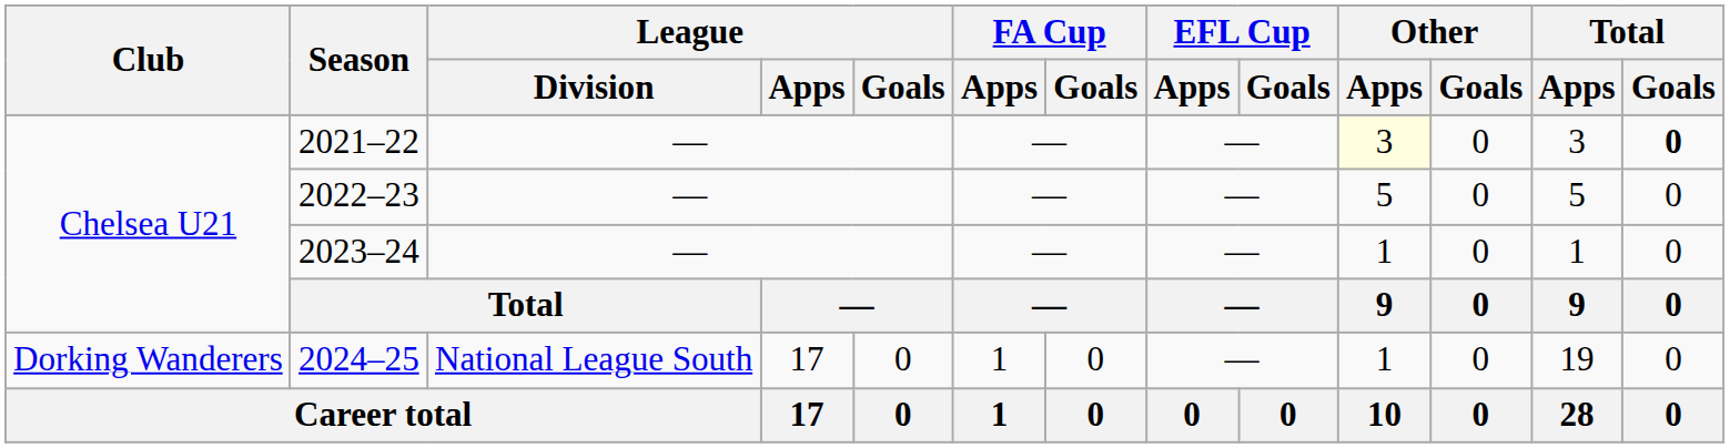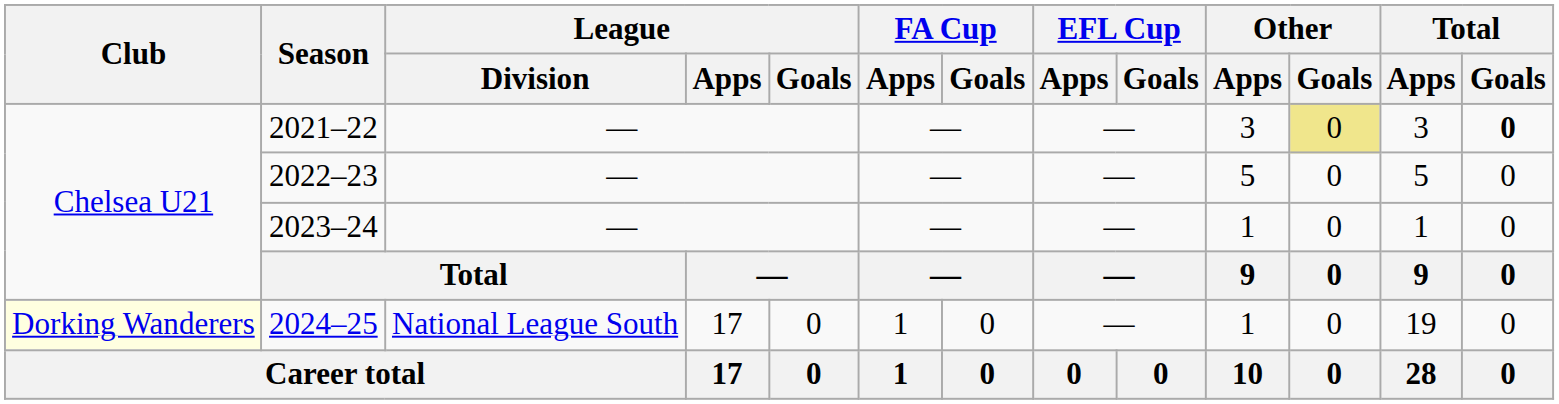 <table class="wikitable" style="text-align: center;">
 <tr>
 <th rowspan=2>Club</th>
 <th rowspan=2>Season</th>
 <th colspan=3>League</th>
 <th colspan=2><a href='#'>FA Cup</a></th>
 <th colspan=2><a href='#'>EFL Cup</a></th>
 <th colspan=2>Other</th>
 <th colspan=2>Total</th>
 </tr>
 <tr>
 <th>Division</th>
 <th>Apps</th>
 <th>Goals</th>
 <th>Apps</th>
 <th>Goals</th>
 <th>Apps</th>
 <th>Goals</th>
 <th>Apps</th>
 <th>Goals</th>
 <th>Apps</th>
 <th>Goals</th>
 </tr>
 <tr>
 <td rowspan=4><a href='#'>Chelsea U21</a></td>
 <td>2021–22</td>
 <td colspan=3>—</td>
 <td colspan=2>—</td>
 <td colspan=2>—</td>
-<td style="background: lightyellow;">3</td>
-<td>0</td>
+<td>3</td>
+<td style="background: khaki;">0</td>
 <td>3</td>
 <td><strong>0</strong></td>
 </tr>
 <tr>
 <td>2022–23</td>
 <td colspan=3>—</td>
 <td colspan=2>—</td>
 <td colspan=2>—</td>
 <td>5</td>
 <td>0</td>
 <td>5</td>
 <td>0</td>
 </tr>
 <tr>
 <td>2023–24</td>
 <td colspan=3>—</td>
 <td colspan=2>—</td>
 <td colspan=2>—</td>
 <td>1</td>
 <td>0</td>
 <td>1</td>
 <td>0</td>
 </tr>
 <tr>
 <th colspan="2">Total</th>
 <th colspan=2>—</th>
 <th colspan=2>—</th>
 <th colspan=2>—</th>
 <th>9</th>
 <th>0</th>
 <th>9</th>
 <th>0</th>
 </tr>
 <tr>
-<td><a href='#'>Dorking Wanderers</a></td>
+<td style="background: lightyellow;"><a href='#'>Dorking Wanderers</a></td>
 <td><a href='#'>2024–25</a></td>
 <td><a href='#'>National League South</a></td>
 <td>17</td>
 <td>0</td>
 <td>1</td>
 <td>0</td>
 <td colspan=2>—</td>
 <td>1</td>
 <td>0</td>
 <td>19</td>
 <td>0</td>
 </tr>
 <tr>
 <th colspan="3">Career total</th>
 <th>17</th>
 <th>0</th>
 <th>1</th>
 <th>0</th>
 <th>0</th>
 <th>0</th>
 <th>10</th>
 <th>0</th>
 <th>28</th>
 <th>0</th>
 </tr>
 </table>
